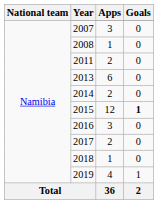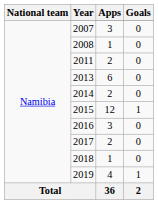 <table class=wikitable style=text-align:center>
 <tr>
 <th>National team</th>
 <th>Year</th>
 <th>Apps</th>
 <th>Goals</th>
 </tr>
 <tr>
 <td rowspan="11"><a href='#'>Namibia</a></td>
 </tr>
 <tr>
 <td>2007</td>
 <td>3</td>
 <td>0</td>
 </tr>
 <tr>
 <td>2008</td>
 <td>1</td>
 <td>0</td>
 </tr>
 <tr>
 <td>2011</td>
 <td>2</td>
 <td>0</td>
 </tr>
 <tr>
 <td>2013</td>
 <td>6</td>
 <td>0</td>
 </tr>
 <tr>
 <td>2014</td>
 <td>2</td>
 <td>0</td>
 </tr>
 <tr>
 <td>2015</td>
 <td>12</td>
-<td><strong>1</strong></td>
+<td>1</td>
 </tr>
 <tr>
 <td>2016</td>
 <td>3</td>
 <td>0</td>
 </tr>
 <tr>
 <td>2017</td>
 <td>2</td>
 <td>0</td>
 </tr>
 <tr>
 <td>2018</td>
 <td>1</td>
 <td>0</td>
 </tr>
 <tr>
 <td>2019</td>
 <td>4</td>
 <td>1</td>
 </tr>
 <tr>
 <th colspan="2">Total</th>
 <th>36</th>
 <th>2</th>
 </tr>
 </table>
